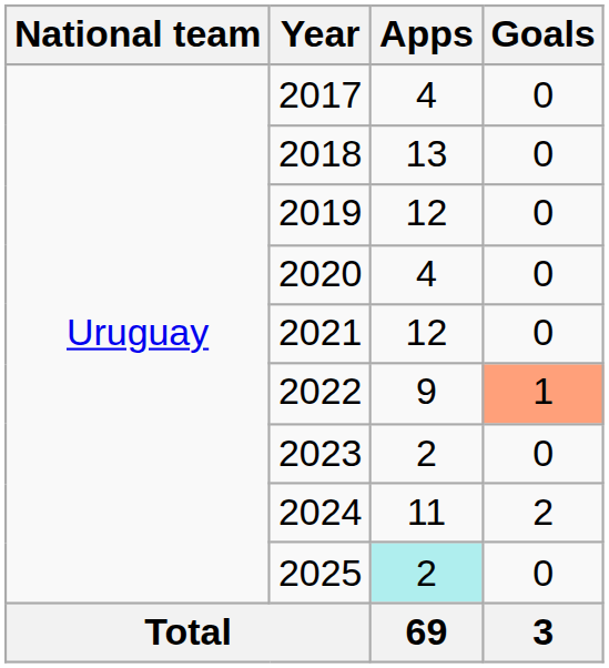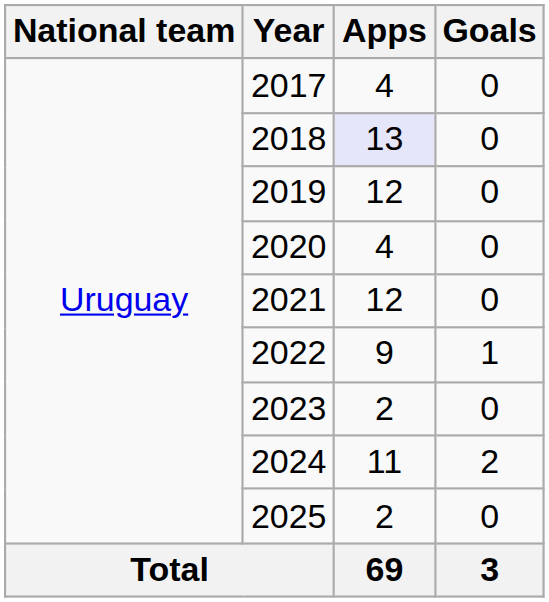 <table class="wikitable" style="text-align:center">
 <tr>
 <th>National team</th>
 <th>Year</th>
 <th>Apps</th>
 <th>Goals</th>
 </tr>
 <tr>
 <td rowspan="9"><a href='#'>Uruguay</a></td>
 <td>2017</td>
 <td>4</td>
 <td>0</td>
 </tr>
 <tr>
 <td>2018</td>
-<td>13</td>
+<td style="background: lavender;">13</td>
 <td>0</td>
 </tr>
 <tr>
 <td>2019</td>
 <td>12</td>
 <td>0</td>
 </tr>
 <tr>
 <td>2020</td>
 <td>4</td>
 <td>0</td>
 </tr>
 <tr>
 <td>2021</td>
 <td>12</td>
 <td>0</td>
 </tr>
 <tr>
 <td>2022</td>
 <td>9</td>
-<td style="background: lightsalmon;">1</td>
+<td>1</td>
 </tr>
 <tr>
 <td>2023</td>
 <td>2</td>
 <td>0</td>
 </tr>
 <tr>
 <td>2024</td>
 <td>11</td>
 <td>2</td>
 </tr>
 <tr>
 <td>2025</td>
-<td style="background: paleturquoise;">2</td>
+<td>2</td>
 <td>0</td>
 </tr>
 <tr>
 <th colspan="2">Total</th>
 <th>69</th>
 <th>3</th>
 </tr>
 </table>
